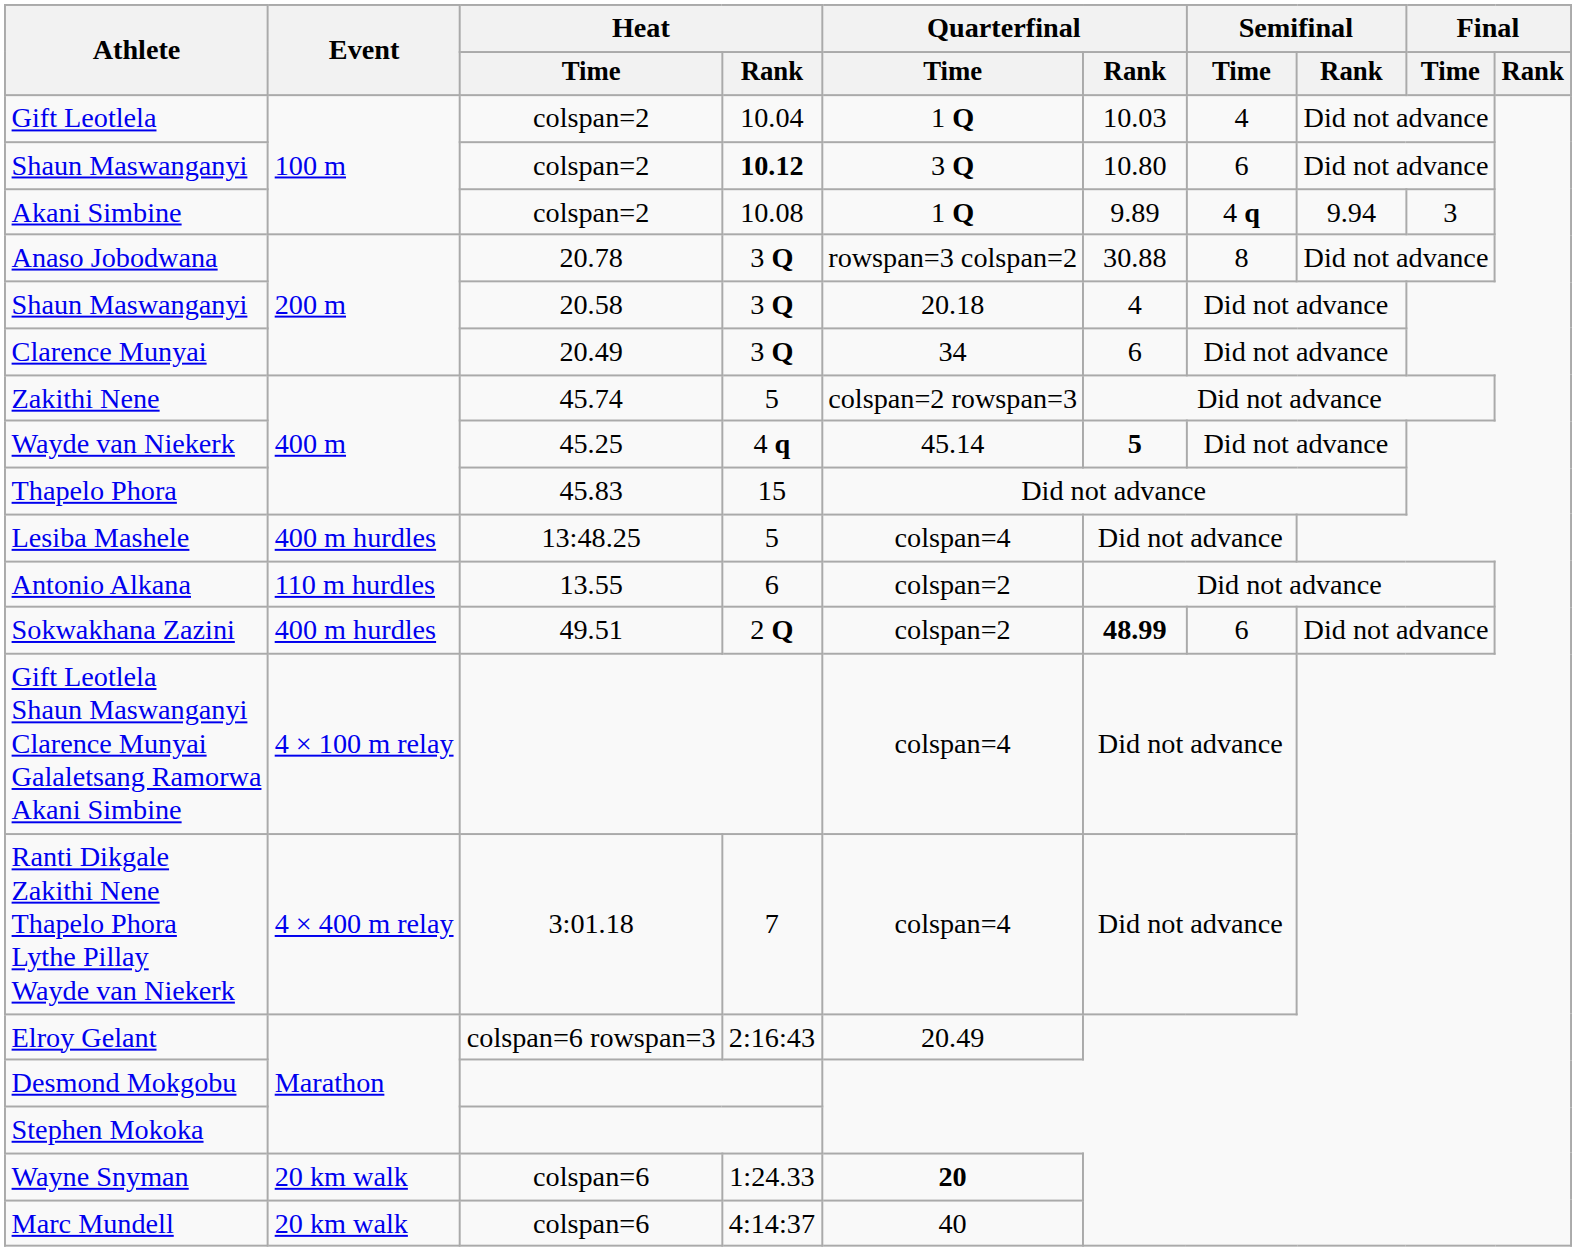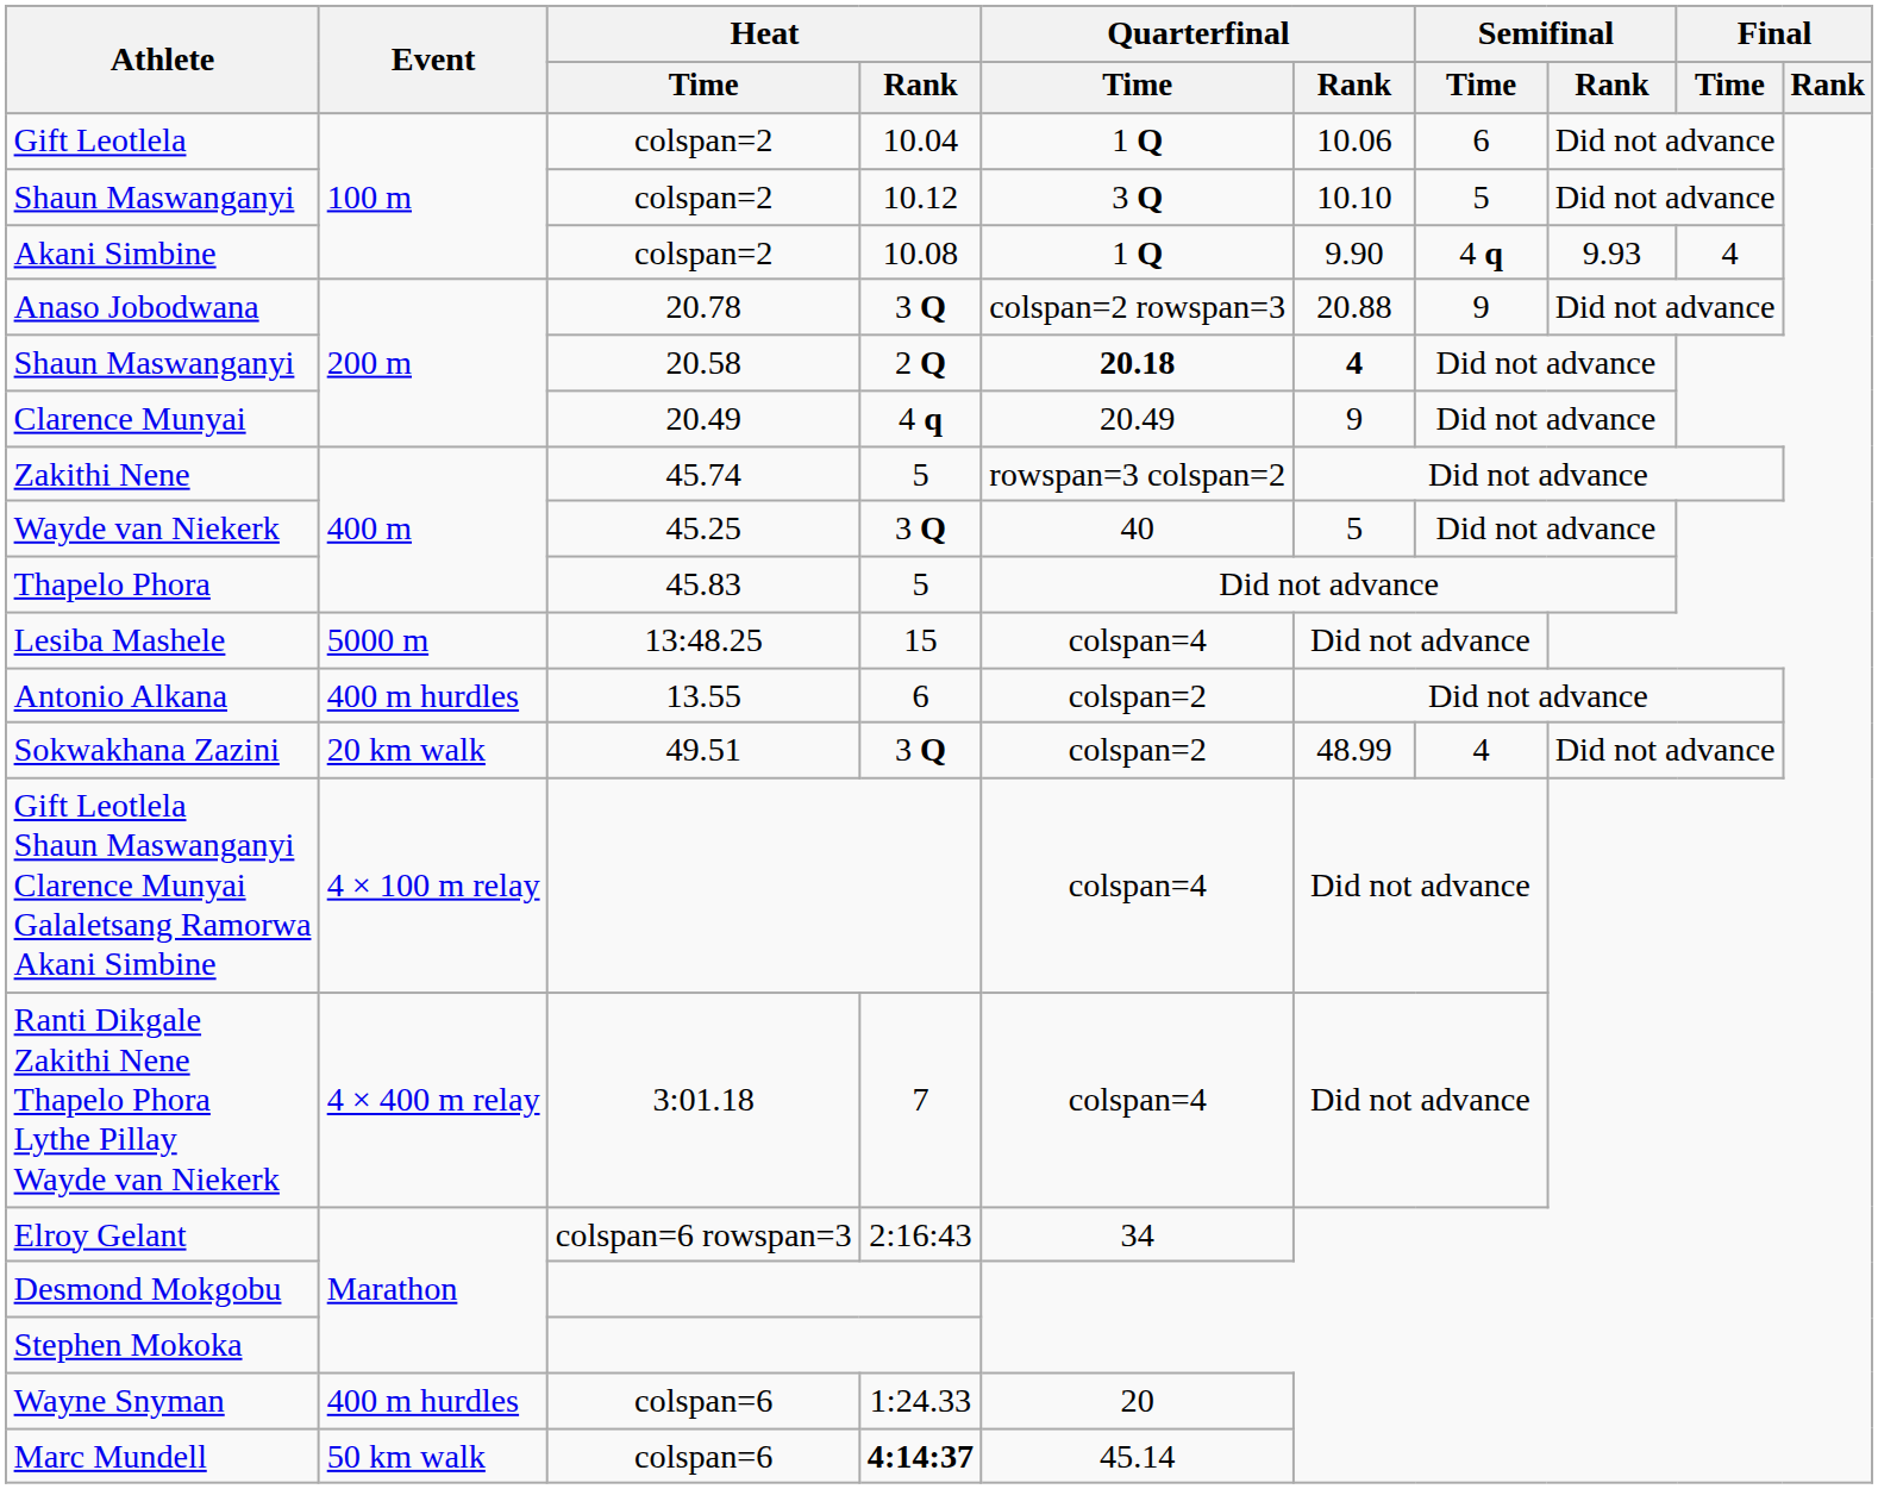 <table class=wikitable style=font-size:90%;text-align:center>
 <tr>
 <th rowspan=2>Athlete</th>
 <th rowspan=2>Event</th>
 <th colspan=2>Heat</th>
 <th colspan=2>Quarterfinal</th>
 <th colspan=2>Semifinal</th>
 <th colspan=2>Final</th>
 </tr>
 <tr style=font-size:95%>
 <th>Time</th>
 <th>Rank</th>
 <th>Time</th>
 <th>Rank</th>
 <th>Time</th>
 <th>Rank</th>
 <th>Time</th>
 <th>Rank</th>
 </tr>
 <tr>
 <td align=left><a href='#'>Gift Leotlela</a></td>
 <td align=left rowspan=3><a href='#'>100 m</a></td>
 <td>colspan=2 </td>
 <td>10.04</td>
 <td>1 <strong>Q</strong></td>
-<td>10.03</td>
-<td>4</td>
+<td>10.06</td>
+<td>6</td>
 <td colspan="2">Did not advance</td>
 </tr>
 <tr>
 <td align=left><a href='#'>Shaun Maswanganyi</a></td>
 <td>colspan=2 </td>
-<td><strong>10.12</strong></td>
+<td>10.12</td>
 <td>3 <strong>Q</strong></td>
-<td>10.80</td>
-<td>6</td>
+<td>10.10</td>
+<td>5</td>
 <td colspan="2">Did not advance</td>
 </tr>
 <tr>
 <td align=left><a href='#'>Akani Simbine</a></td>
 <td>colspan=2 </td>
 <td>10.08</td>
 <td>1 <strong>Q</strong></td>
-<td>9.89</td>
+<td>9.90</td>
 <td>4 <strong>q</strong></td>
-<td>9.94</td>
-<td>3</td>
+<td>9.93</td>
+<td>4</td>
 </tr>
 <tr>
 <td align=left><a href='#'>Anaso Jobodwana</a></td>
 <td align=left rowspan=3><a href='#'>200 m</a></td>
 <td>20.78</td>
 <td>3 <strong>Q</strong></td>
-<td>rowspan=3 colspan=2</td>
-<td>30.88</td>
-<td>8</td>
+<td>colspan=2 rowspan=3 </td>
+<td>20.88</td>
+<td>9</td>
 <td colspan="2">Did not advance</td>
 </tr>
 <tr>
 <td align=left><a href='#'>Shaun Maswanganyi</a></td>
 <td>20.58</td>
-<td>3 <strong>Q</strong></td>
-<td>20.18</td>
-<td>4</td>
+<td>2 <strong>Q</strong></td>
+<td><strong>20.18</strong></td>
+<td><strong>4</strong></td>
 <td colspan="2">Did not advance</td>
 </tr>
 <tr>
 <td align=left><a href='#'>Clarence Munyai</a></td>
 <td>20.49</td>
-<td>3 <strong>Q</strong></td>
-<td>34</td>
-<td>6</td>
+<td>4 <strong>q</strong></td>
+<td>20.49</td>
+<td>9</td>
 <td colspan="2">Did not advance</td>
 </tr>
 <tr>
 <td align=left><a href='#'>Zakithi Nene</a></td>
 <td align=left rowspan=3><a href='#'>400 m</a></td>
 <td>45.74</td>
 <td>5</td>
-<td>colspan=2 rowspan=3 </td>
+<td>rowspan=3 colspan=2</td>
 <td colspan="4">Did not advance</td>
 </tr>
 <tr>
 <td align=left><a href='#'>Wayde van Niekerk</a></td>
 <td>45.25</td>
-<td>4 <strong>q</strong></td>
-<td>45.14</td>
-<td><strong>5</strong></td>
+<td>3 <strong>Q</strong></td>
+<td>40</td>
+<td>5</td>
 <td colspan="2">Did not advance</td>
 </tr>
 <tr>
 <td align=left><a href='#'>Thapelo Phora</a></td>
 <td>45.83</td>
-<td>15</td>
+<td>5</td>
 <td colspan="4">Did not advance</td>
 </tr>
 <tr>
 <td align=left><a href='#'>Lesiba Mashele</a></td>
-<td align=left><a href='#'>400 m hurdles</a></td>
+<td align=left><a href='#'>5000 m</a></td>
 <td>13:48.25</td>
-<td>5</td>
+<td>15</td>
 <td>colspan=4</td>
 <td colspan="2">Did not advance</td>
 </tr>
 <tr>
 <td align=left><a href='#'>Antonio Alkana</a></td>
-<td align=left><a href='#'>110 m hurdles</a></td>
+<td align=left><a href='#'>400 m hurdles</a></td>
 <td>13.55</td>
 <td>6</td>
 <td>colspan=2 </td>
 <td colspan="4">Did not advance</td>
 </tr>
 <tr>
 <td align=left><a href='#'>Sokwakhana Zazini</a></td>
-<td align=left><a href='#'>400 m hurdles</a></td>
+<td align="left"><a href='#'>20 km walk</a></td>
 <td>49.51</td>
-<td>2 <strong>Q</strong></td>
+<td>3 <strong>Q</strong></td>
 <td>colspan=2 </td>
-<td><strong>48.99</strong></td>
-<td>6</td>
+<td>48.99</td>
+<td>4</td>
 <td colspan="2">Did not advance</td>
 </tr>
 <tr>
 <td align=left><a href='#'>Gift Leotlela</a><br><a href='#'>Shaun Maswanganyi</a><br><a href='#'>Clarence Munyai</a><br><a href='#'>Galaletsang Ramorwa</a><br><a href='#'>Akani Simbine</a></td>
 <td align=left><a href='#'>4 × 100 m relay</a></td>
 <td colspan=2></td>
 <td>colspan=4 </td>
 <td colspan="2">Did not advance</td>
 </tr>
 <tr>
 <td align=left><a href='#'>Ranti Dikgale</a><br><a href='#'>Zakithi Nene</a><br><a href='#'>Thapelo Phora</a><br><a href='#'>Lythe Pillay</a><br><a href='#'>Wayde van Niekerk</a></td>
 <td align=left><a href='#'>4 × 400 m relay</a></td>
 <td>3:01.18</td>
 <td>7</td>
 <td>colspan=4 </td>
 <td colspan="2">Did not advance</td>
 </tr>
 <tr>
 <td align=left><a href='#'>Elroy Gelant</a></td>
 <td align=left rowspan=3><a href='#'>Marathon</a></td>
 <td>colspan=6 rowspan=3 </td>
 <td>2:16:43</td>
-<td>20.49</td>
+<td>34</td>
 </tr>
 <tr>
 <td align=left><a href='#'>Desmond Mokgobu</a></td>
 <td colspan=2></td>
 </tr>
 <tr>
 <td align=left><a href='#'>Stephen Mokoka</a></td>
 <td colspan=2></td>
 </tr>
 <tr>
 <td align=left><a href='#'>Wayne Snyman</a></td>
-<td align="left"><a href='#'>20 km walk</a></td>
+<td align=left><a href='#'>400 m hurdles</a></td>
 <td>colspan=6 </td>
 <td>1:24.33</td>
-<td><strong>20</strong></td>
+<td>20</td>
 </tr>
 <tr>
 <td align="left"><a href='#'>Marc Mundell</a></td>
-<td align="left"><a href='#'>20 km walk</a></td>
+<td align="left"><a href='#'>50 km walk</a></td>
 <td>colspan=6 </td>
-<td>4:14:37</td>
-<td>40</td>
+<td><strong>4:14:37</strong></td>
+<td>45.14</td>
 </tr>
 </table>
